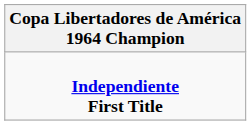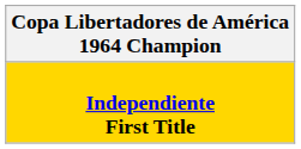 <table class="wikitable" style="text-align: center; margin: 0 auto;">
 <tr>
 <th>Copa Libertadores de América<br>1964 Champion</th>
 </tr>
 <tr>
-<td><br><strong><a href='#'>Independiente</a></strong><br><strong>First Title</strong></td>
+<td style="background: gold;"><br><strong><a href='#'>Independiente</a></strong><br><strong>First Title</strong></td>
 </tr>
 </table>
